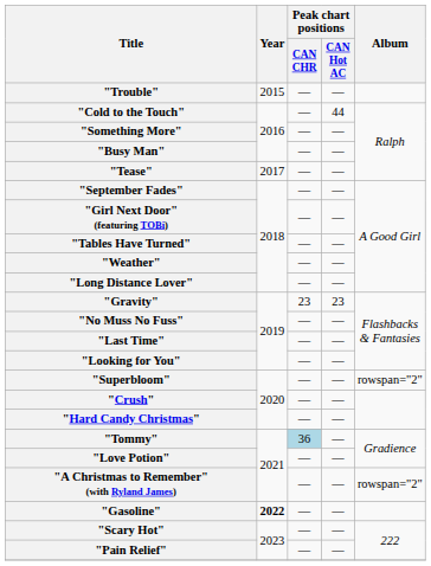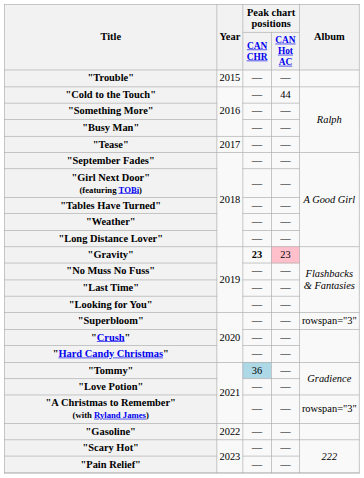 <table class="wikitable plainrowheaders" style="text-align:center;">
 <tr>
 <th rowspan="2" style="width:20em;">Title</th>
 <th rowspan="2" style="width:1em;">Year</th>
 <th colspan="2" style="width:5em;">Peak chart positions</th>
 <th rowspan="2" style="width:5em;">Album</th>
 </tr>
 <tr>
 <th scope="col" style="width:2em;font-size:90%;"><a href='#'>CAN<br>CHR</a><br></th>
 <th scope="col" style="width:2em;font-size:90%;"><a href='#'>CAN<br>Hot<br>AC</a><br></th>
 </tr>
 <tr>
 <th scope="row">"Trouble"</th>
 <td>2015</td>
 <td>—</td>
 <td>—</td>
 <td></td>
 </tr>
 <tr>
 <th scope="row">"Cold to the Touch"</th>
 <td rowspan="3">2016</td>
 <td>—</td>
 <td>44</td>
 <td rowspan="4"><em>Ralph</em></td>
 </tr>
 <tr>
 <th scope="row">"Something More"</th>
 <td>—</td>
 <td>—</td>
 </tr>
 <tr>
 <th scope="row">"Busy Man"</th>
 <td>—</td>
 <td>—</td>
 </tr>
 <tr>
 <th scope="row">"Tease"</th>
 <td>2017</td>
 <td>—</td>
 <td>—</td>
 </tr>
 <tr>
 <th scope="row">"September Fades"</th>
 <td rowspan="5">2018</td>
 <td>—</td>
 <td>—</td>
 <td rowspan="5"><em>A Good Girl</em></td>
 </tr>
 <tr>
 <th scope="row">"Girl Next Door"<br><small>(featuring <a href='#'>TOBi</a>)</small></th>
 <td>—</td>
 <td>—</td>
 </tr>
 <tr>
 <th scope="row">"Tables Have Turned"</th>
 <td>—</td>
 <td>—</td>
 </tr>
 <tr>
 <th scope="row">"Weather"</th>
 <td>—</td>
 <td>—</td>
 </tr>
 <tr>
 <th scope="row">"Long Distance Lover"</th>
 <td>—</td>
 <td>—</td>
 </tr>
 <tr>
 <th scope="row">"Gravity"</th>
 <td rowspan="4">2019</td>
-<td>23</td>
-<td>23</td>
+<td><strong>23</strong></td>
+<td style="background: pink;">23</td>
 <td rowspan="4"><em>Flashbacks & Fantasies</em></td>
 </tr>
 <tr>
 <th scope="row">"No Muss No Fuss"</th>
 <td>—</td>
 <td>—</td>
 </tr>
 <tr>
 <th scope="row">"Last Time"</th>
 <td>—</td>
 <td>—</td>
 </tr>
 <tr>
 <th scope="row">"Looking for You"</th>
 <td>—</td>
 <td>—</td>
 </tr>
 <tr>
 <th scope="row">"Superbloom"</th>
 <td rowspan="3">2020</td>
 <td>—</td>
 <td>—</td>
-<td>rowspan="2" </td>
+<td>rowspan="3" </td>
 </tr>
 <tr>
 <th scope="row">"<a href='#'>Crush</a>"</th>
 <td>—</td>
 <td>—</td>
 </tr>
 <tr>
 <th scope="row">"<a href='#'>Hard Candy Christmas</a>"</th>
 <td>—</td>
 <td>—</td>
 </tr>
 <tr>
 <th scope="row">"Tommy"</th>
 <td rowspan="3">2021</td>
 <td style="background: lightblue;">36</td>
 <td>—</td>
 <td rowspan="2"><em>Gradience</em></td>
 </tr>
 <tr>
 <th scope="row">"Love Potion"</th>
 <td>—</td>
 <td>—</td>
 </tr>
 <tr>
 <th scope="row">"A Christmas to Remember"<br><small>(with <a href='#'>Ryland James</a>)</small></th>
 <td>—</td>
 <td>—</td>
-<td>rowspan="2" </td>
+<td>rowspan="3" </td>
 </tr>
 <tr>
 <th scope="row">"Gasoline"</th>
-<td><strong>2022</strong></td>
+<td>2022</td>
 <td>—</td>
 <td>—</td>
 </tr>
 <tr>
 <th scope="row">"Scary Hot"</th>
 <td rowspan="2">2023</td>
 <td>—</td>
 <td>—</td>
 <td rowspan="2"><em>222</em></td>
 </tr>
 <tr>
 <th scope="row">"Pain Relief"</th>
 <td>—</td>
 <td>—</td>
 </tr>
 <tr>
 </tr>
 </table>
